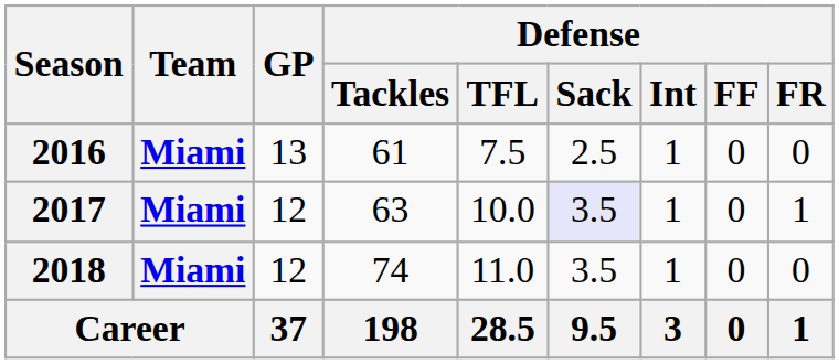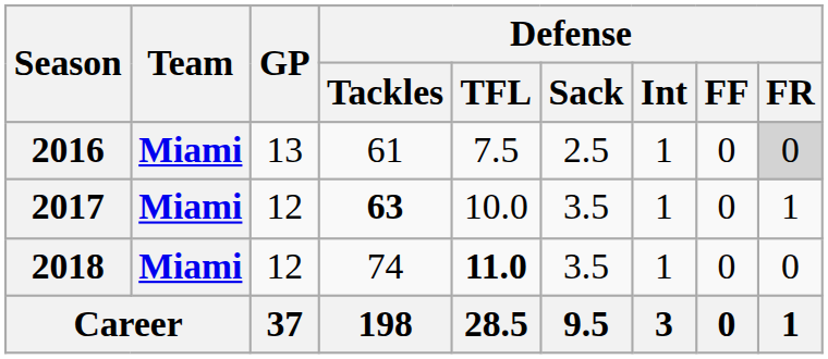 <table class="wikitable" style="text-align:center;">
 <tr>
 <th rowspan="2">Season</th>
 <th rowspan="2">Team</th>
 <th rowspan="2">GP</th>
 <th colspan="7">Defense</th>
 </tr>
 <tr>
 <th>Tackles</th>
 <th>TFL</th>
 <th>Sack</th>
 <th>Int</th>
 <th>FF</th>
 <th>FR</th>
 </tr>
 <tr>
 <th>2016</th>
 <th><a href='#'>Miami</a></th>
 <td>13</td>
 <td>61</td>
 <td>7.5</td>
 <td>2.5</td>
 <td>1</td>
 <td>0</td>
-<td>0</td>
+<td style="background: lightgrey;">0</td>
 </tr>
 <tr>
 <th>2017</th>
 <th><a href='#'>Miami</a></th>
 <td>12</td>
-<td>63</td>
+<td><strong>63</strong></td>
 <td>10.0</td>
-<td style="background: lavender;">3.5</td>
+<td>3.5</td>
 <td>1</td>
 <td>0</td>
 <td>1</td>
 </tr>
 <tr>
 <th>2018</th>
 <th><a href='#'>Miami</a></th>
 <td>12</td>
 <td>74</td>
-<td>11.0</td>
+<td><strong>11.0</strong></td>
 <td>3.5</td>
 <td>1</td>
 <td>0</td>
 <td>0</td>
 </tr>
 <tr>
 <th colspan="2">Career</th>
 <th>37</th>
 <th>198</th>
 <th>28.5</th>
 <th>9.5</th>
 <th>3</th>
 <th>0</th>
 <th>1</th>
 </tr>
 </table>
